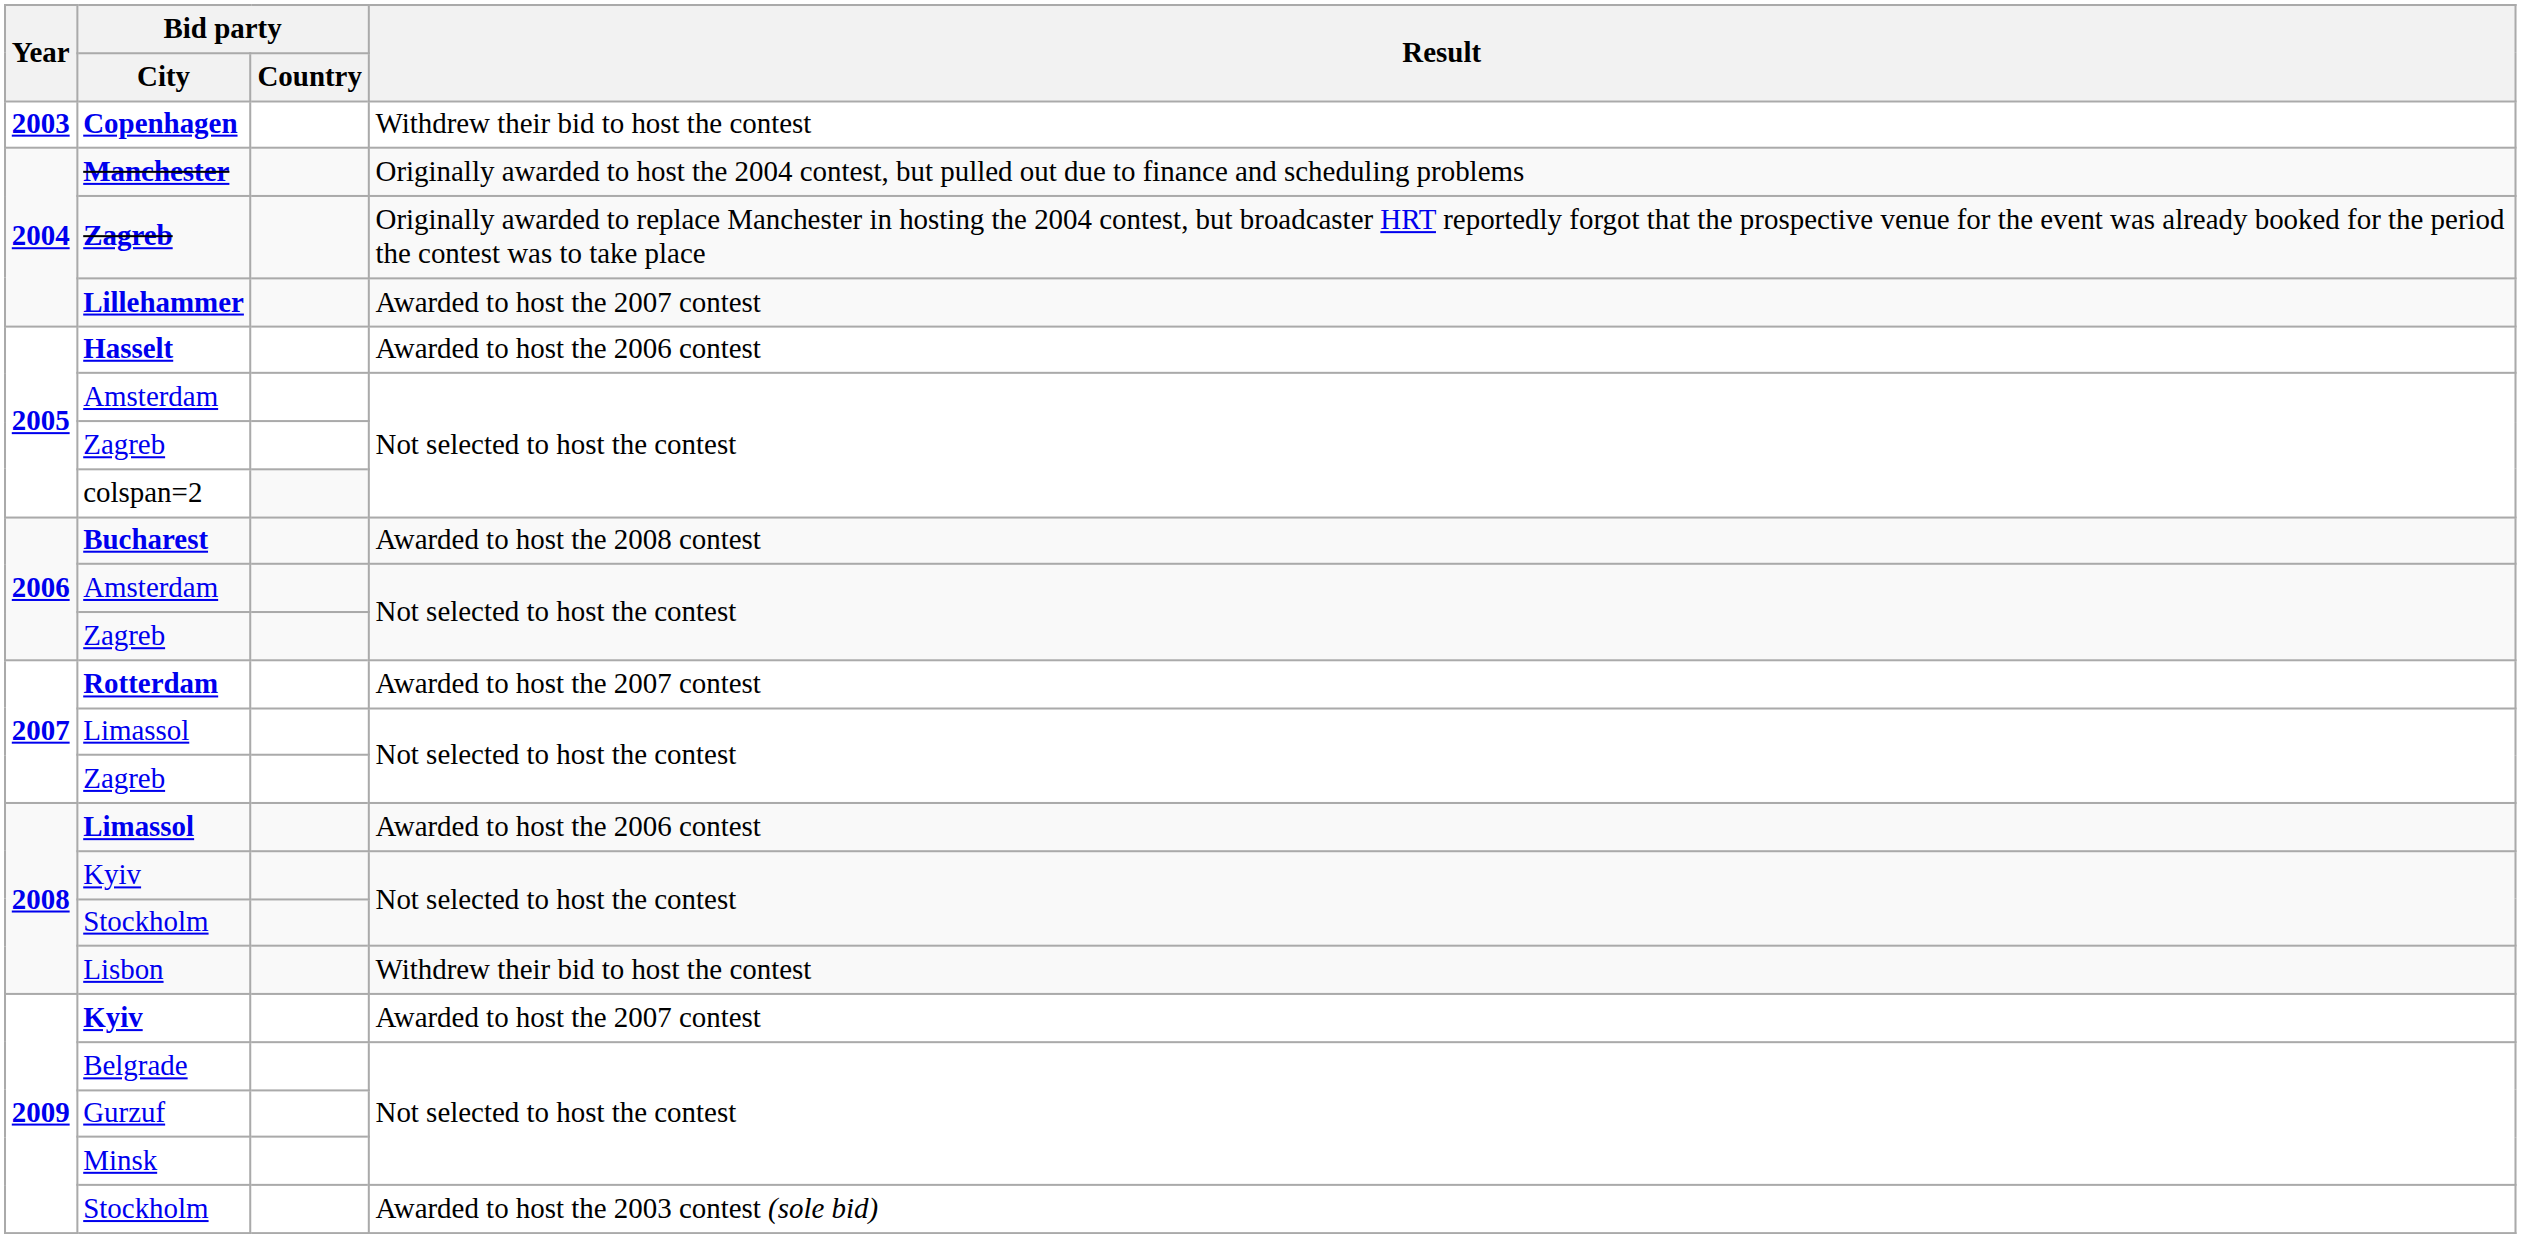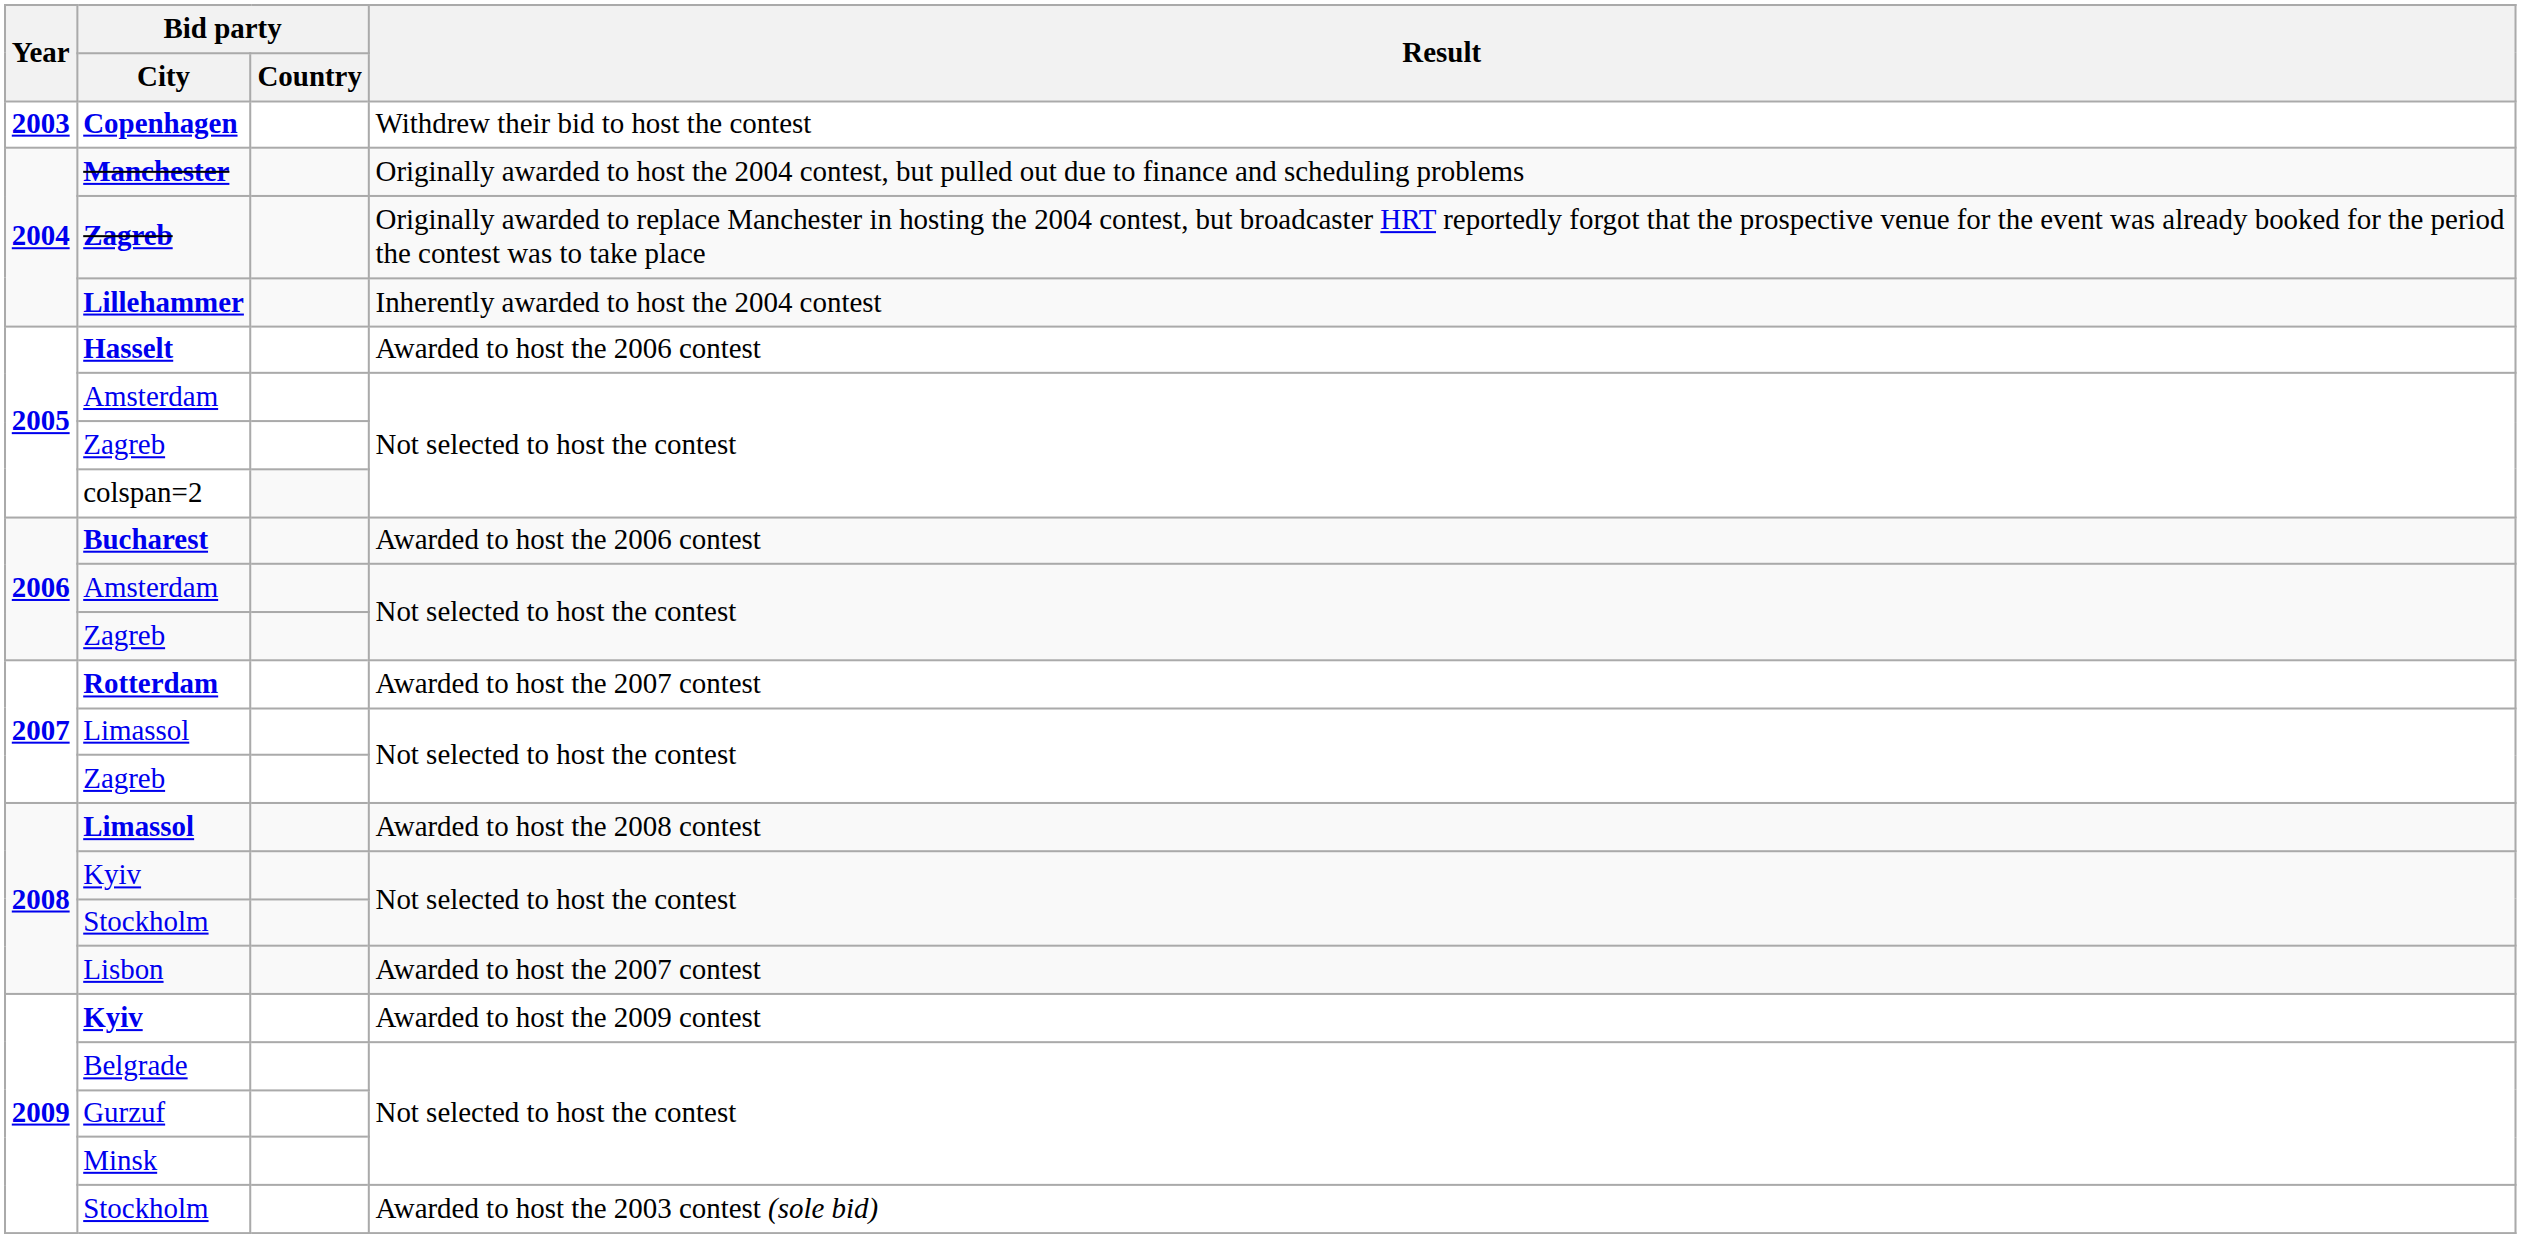 <table class="wikitable collapsible" style="font-size:90%">
 <tr>
 <th rowspan=2>Year</th>
 <th colspan=2>Bid party</th>
 <th rowspan=2>Result</th>
 </tr>
 <tr>
 <th>City</th>
 <th>Country</th>
 </tr>
 <tr bgcolor=white>
 <td align=center><strong><a href='#'>2003</a></strong></td>
 <td><strong><a href='#'>Copenhagen</a></strong></td>
 <td><strong></strong></td>
 <td>Withdrew their bid to host the contest</td>
 </tr>
 <tr>
 <td rowspan=3 align=center><strong><a href='#'>2004</a></strong></td>
 <td><s><strong><a href='#'>Manchester</a></strong></s></td>
 <td><s><strong></strong></s></td>
 <td>Originally awarded to host the 2004 contest, but pulled out due to finance and scheduling problems</td>
 </tr>
 <tr>
 <td><s><strong><a href='#'>Zagreb</a></strong></s></td>
 <td><s><strong></strong></s></td>
 <td>Originally awarded to replace Manchester in hosting the 2004 contest, but broadcaster <a href='#'>HRT</a> reportedly forgot that the prospective venue for the event was already booked for the period the contest was to take place</td>
 </tr>
 <tr>
 <td><strong><a href='#'>Lillehammer</a></strong></td>
 <td><strong></strong></td>
-<td>Awarded to host the 2007 contest</td>
+<td>Inherently awarded to host the 2004 contest</td>
 </tr>
 <tr bgcolor=white>
 <td rowspan=4 align=center><strong><a href='#'>2005</a></strong></td>
 <td><strong><a href='#'>Hasselt</a></strong></td>
 <td><strong></strong></td>
 <td>Awarded to host the 2006 contest</td>
 </tr>
 <tr bgcolor=white>
 <td><a href='#'>Amsterdam</a></td>
 <td></td>
 <td rowspan=3>Not selected to host the contest</td>
 </tr>
 <tr bgcolor=white>
 <td><a href='#'>Zagreb</a></td>
 <td></td>
 </tr>
 <tr bgcolor=white>
 <td>colspan=2 </td>
 </tr>
 <tr>
 <td rowspan=3 align=center><strong><a href='#'>2006</a></strong></td>
 <td><strong><a href='#'>Bucharest</a></strong></td>
 <td><strong></strong></td>
-<td>Awarded to host the 2008 contest</td>
+<td>Awarded to host the 2006 contest</td>
 </tr>
 <tr>
 <td><a href='#'>Amsterdam</a></td>
 <td></td>
 <td rowspan=2>Not selected to host the contest</td>
 </tr>
 <tr>
 <td><a href='#'>Zagreb</a></td>
 <td></td>
 </tr>
 <tr bgcolor=white>
 <td rowspan=3 align=center><strong><a href='#'>2007</a></strong></td>
 <td><strong><a href='#'>Rotterdam</a></strong></td>
 <td><strong></strong></td>
 <td>Awarded to host the 2007 contest</td>
 </tr>
 <tr bgcolor=white>
 <td><a href='#'>Limassol</a></td>
 <td></td>
 <td rowspan=2>Not selected to host the contest</td>
 </tr>
 <tr bgcolor=white>
 <td><a href='#'>Zagreb</a></td>
 <td></td>
 </tr>
 <tr>
 <td rowspan=4 align=center><strong><a href='#'>2008</a></strong></td>
 <td><strong><a href='#'>Limassol</a></strong></td>
 <td><strong></strong></td>
-<td>Awarded to host the 2006 contest</td>
+<td>Awarded to host the 2008 contest</td>
 </tr>
 <tr>
 <td><a href='#'>Kyiv</a></td>
 <td></td>
 <td rowspan=2>Not selected to host the contest</td>
 </tr>
 <tr>
 <td><a href='#'>Stockholm</a></td>
 <td></td>
 </tr>
 <tr>
 <td><a href='#'>Lisbon</a></td>
 <td></td>
-<td>Withdrew their bid to host the contest</td>
+<td>Awarded to host the 2007 contest</td>
 </tr>
 <tr bgcolor=white>
 <td rowspan=5 align=center><strong><a href='#'>2009</a></strong></td>
 <td><strong><a href='#'>Kyiv</a></strong></td>
 <td><strong></strong></td>
-<td>Awarded to host the 2007 contest</td>
+<td>Awarded to host the 2009 contest</td>
 </tr>
 <tr bgcolor=white>
 <td><a href='#'>Belgrade</a></td>
 <td></td>
 <td rowspan=3>Not selected to host the contest</td>
 </tr>
 <tr bgcolor=white>
 <td><a href='#'>Gurzuf</a></td>
 <td></td>
 </tr>
 <tr bgcolor=white>
 <td><a href='#'>Minsk</a></td>
 <td></td>
 </tr>
 <tr bgcolor=white>
 <td><a href='#'>Stockholm</a></td>
 <td></td>
 <td>Awarded to host the 2003 contest <em>(sole bid)</em></td>
 </tr>
 </table>
